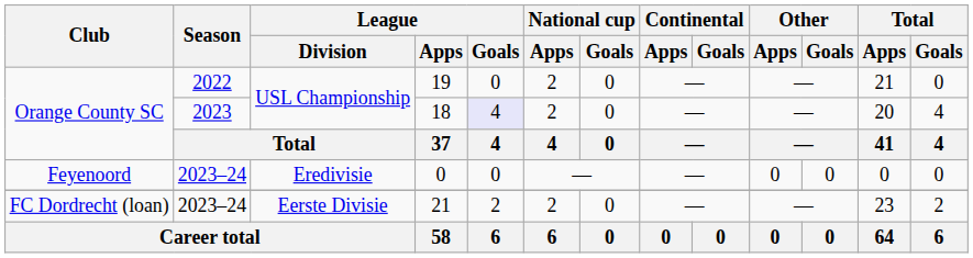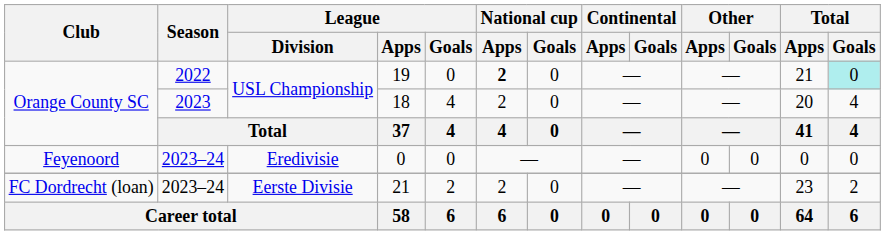 <table class="wikitable" style="text-align: center;">
 <tr>
 <th rowspan="2">Club</th>
 <th rowspan="2">Season</th>
 <th colspan="3">League</th>
 <th colspan="2">National cup</th>
 <th colspan="2">Continental</th>
 <th colspan="2">Other</th>
 <th colspan="2">Total</th>
 </tr>
 <tr>
 <th>Division</th>
 <th>Apps</th>
 <th>Goals</th>
 <th>Apps</th>
 <th>Goals</th>
 <th>Apps</th>
 <th>Goals</th>
 <th>Apps</th>
 <th>Goals</th>
 <th>Apps</th>
 <th>Goals</th>
 </tr>
 <tr>
 <td rowspan="3"><a href='#'>Orange County SC</a></td>
 <td><a href='#'>2022</a></td>
 <td rowspan="2"><a href='#'>USL Championship</a></td>
 <td>19</td>
 <td>0</td>
-<td>2</td>
+<td><strong>2</strong></td>
 <td>0</td>
 <td colspan=2>—</td>
 <td colspan=2>—</td>
 <td>21</td>
-<td>0</td>
+<td style="background: paleturquoise;">0</td>
 </tr>
 <tr>
 <td><a href='#'>2023</a></td>
 <td>18</td>
-<td style="background: lavender;">4</td>
+<td>4</td>
 <td>2</td>
 <td>0</td>
 <td colspan=2>—</td>
 <td colspan=2>—</td>
 <td>20</td>
 <td>4</td>
 </tr>
 <tr>
 <th colspan=2>Total</th>
 <th>37</th>
 <th>4</th>
 <th>4</th>
 <th>0</th>
 <th colspan=2>—</th>
 <th colspan=2>—</th>
 <th>41</th>
 <th>4</th>
 </tr>
 <tr>
 <td><a href='#'>Feyenoord</a></td>
 <td><a href='#'>2023–24</a></td>
 <td><a href='#'>Eredivisie</a></td>
 <td>0</td>
 <td>0</td>
 <td colspan=2>—</td>
 <td colspan=2>—</td>
 <td>0</td>
 <td>0</td>
 <td>0</td>
 <td>0</td>
 </tr>
 <tr>
 </tr>
 <tr>
 <td><a href='#'>FC Dordrecht</a> (loan)</td>
 <td>2023–24</td>
 <td><a href='#'>Eerste Divisie</a></td>
 <td>21</td>
 <td>2</td>
 <td>2</td>
 <td>0</td>
 <td colspan=2>—</td>
 <td colspan=2>—</td>
 <td>23</td>
 <td>2</td>
 </tr>
 <tr>
 <th colspan=3>Career total</th>
 <th>58</th>
 <th>6</th>
 <th>6</th>
 <th>0</th>
 <th>0</th>
 <th>0</th>
 <th>0</th>
 <th>0</th>
 <th>64</th>
 <th>6</th>
 </tr>
 </table>
